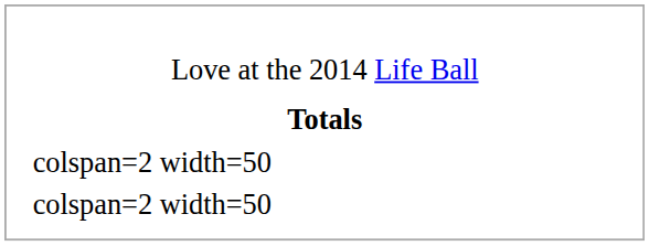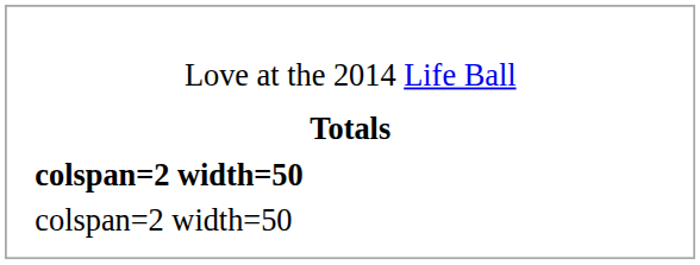 <table class="infobox" style="width:22em; text-align:left; font-size:90%; vertical-align:middle; background:white;">
 <tr style="background:white;">
 <td colspan="3" style="text-align:center;"><br>Love at the 2014 <a href='#'>Life Ball</a></td>
 </tr>
 <tr>
 <td colspan="3"></td>
 </tr>
 <tr style="background:white;">
 <td colspan="3" style="text-align:center;"><strong>Totals </strong></td>
 </tr>
 <tr>
 <td></td>
-<td>colspan=2 width=50 </td>
+<td><strong>colspan=2 width=50 </strong></td>
 </tr>
 <tr>
 <td></td>
 <td>colspan=2 width=50 </td>
 </tr>
 <tr>
 </tr>
 </table>
